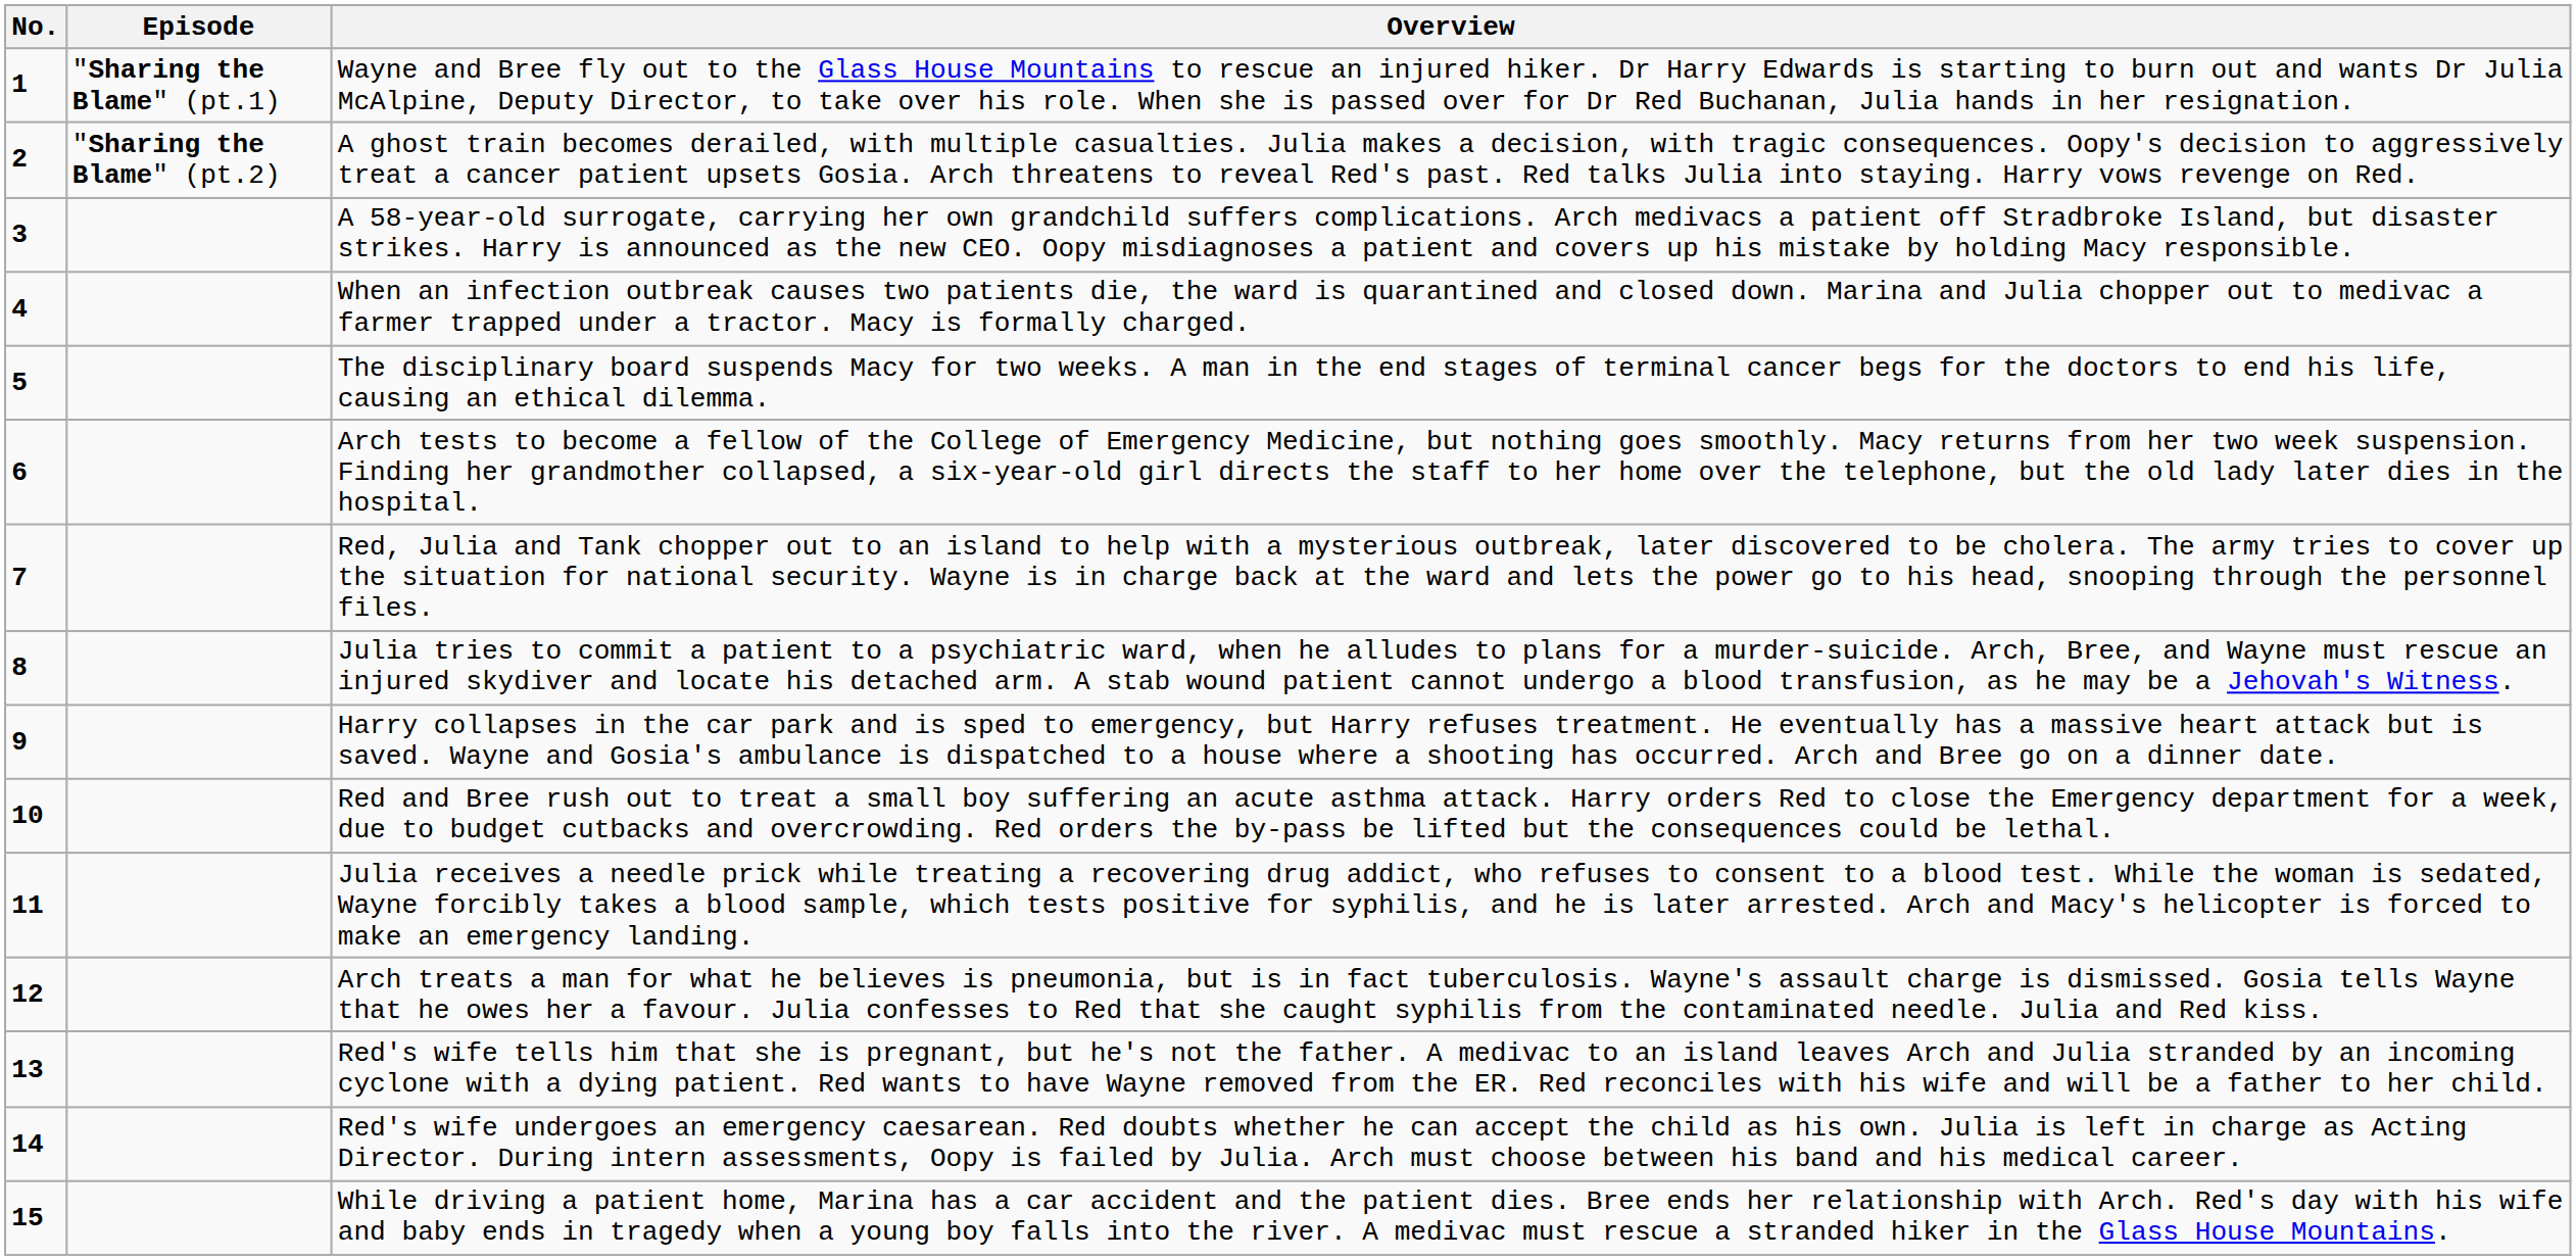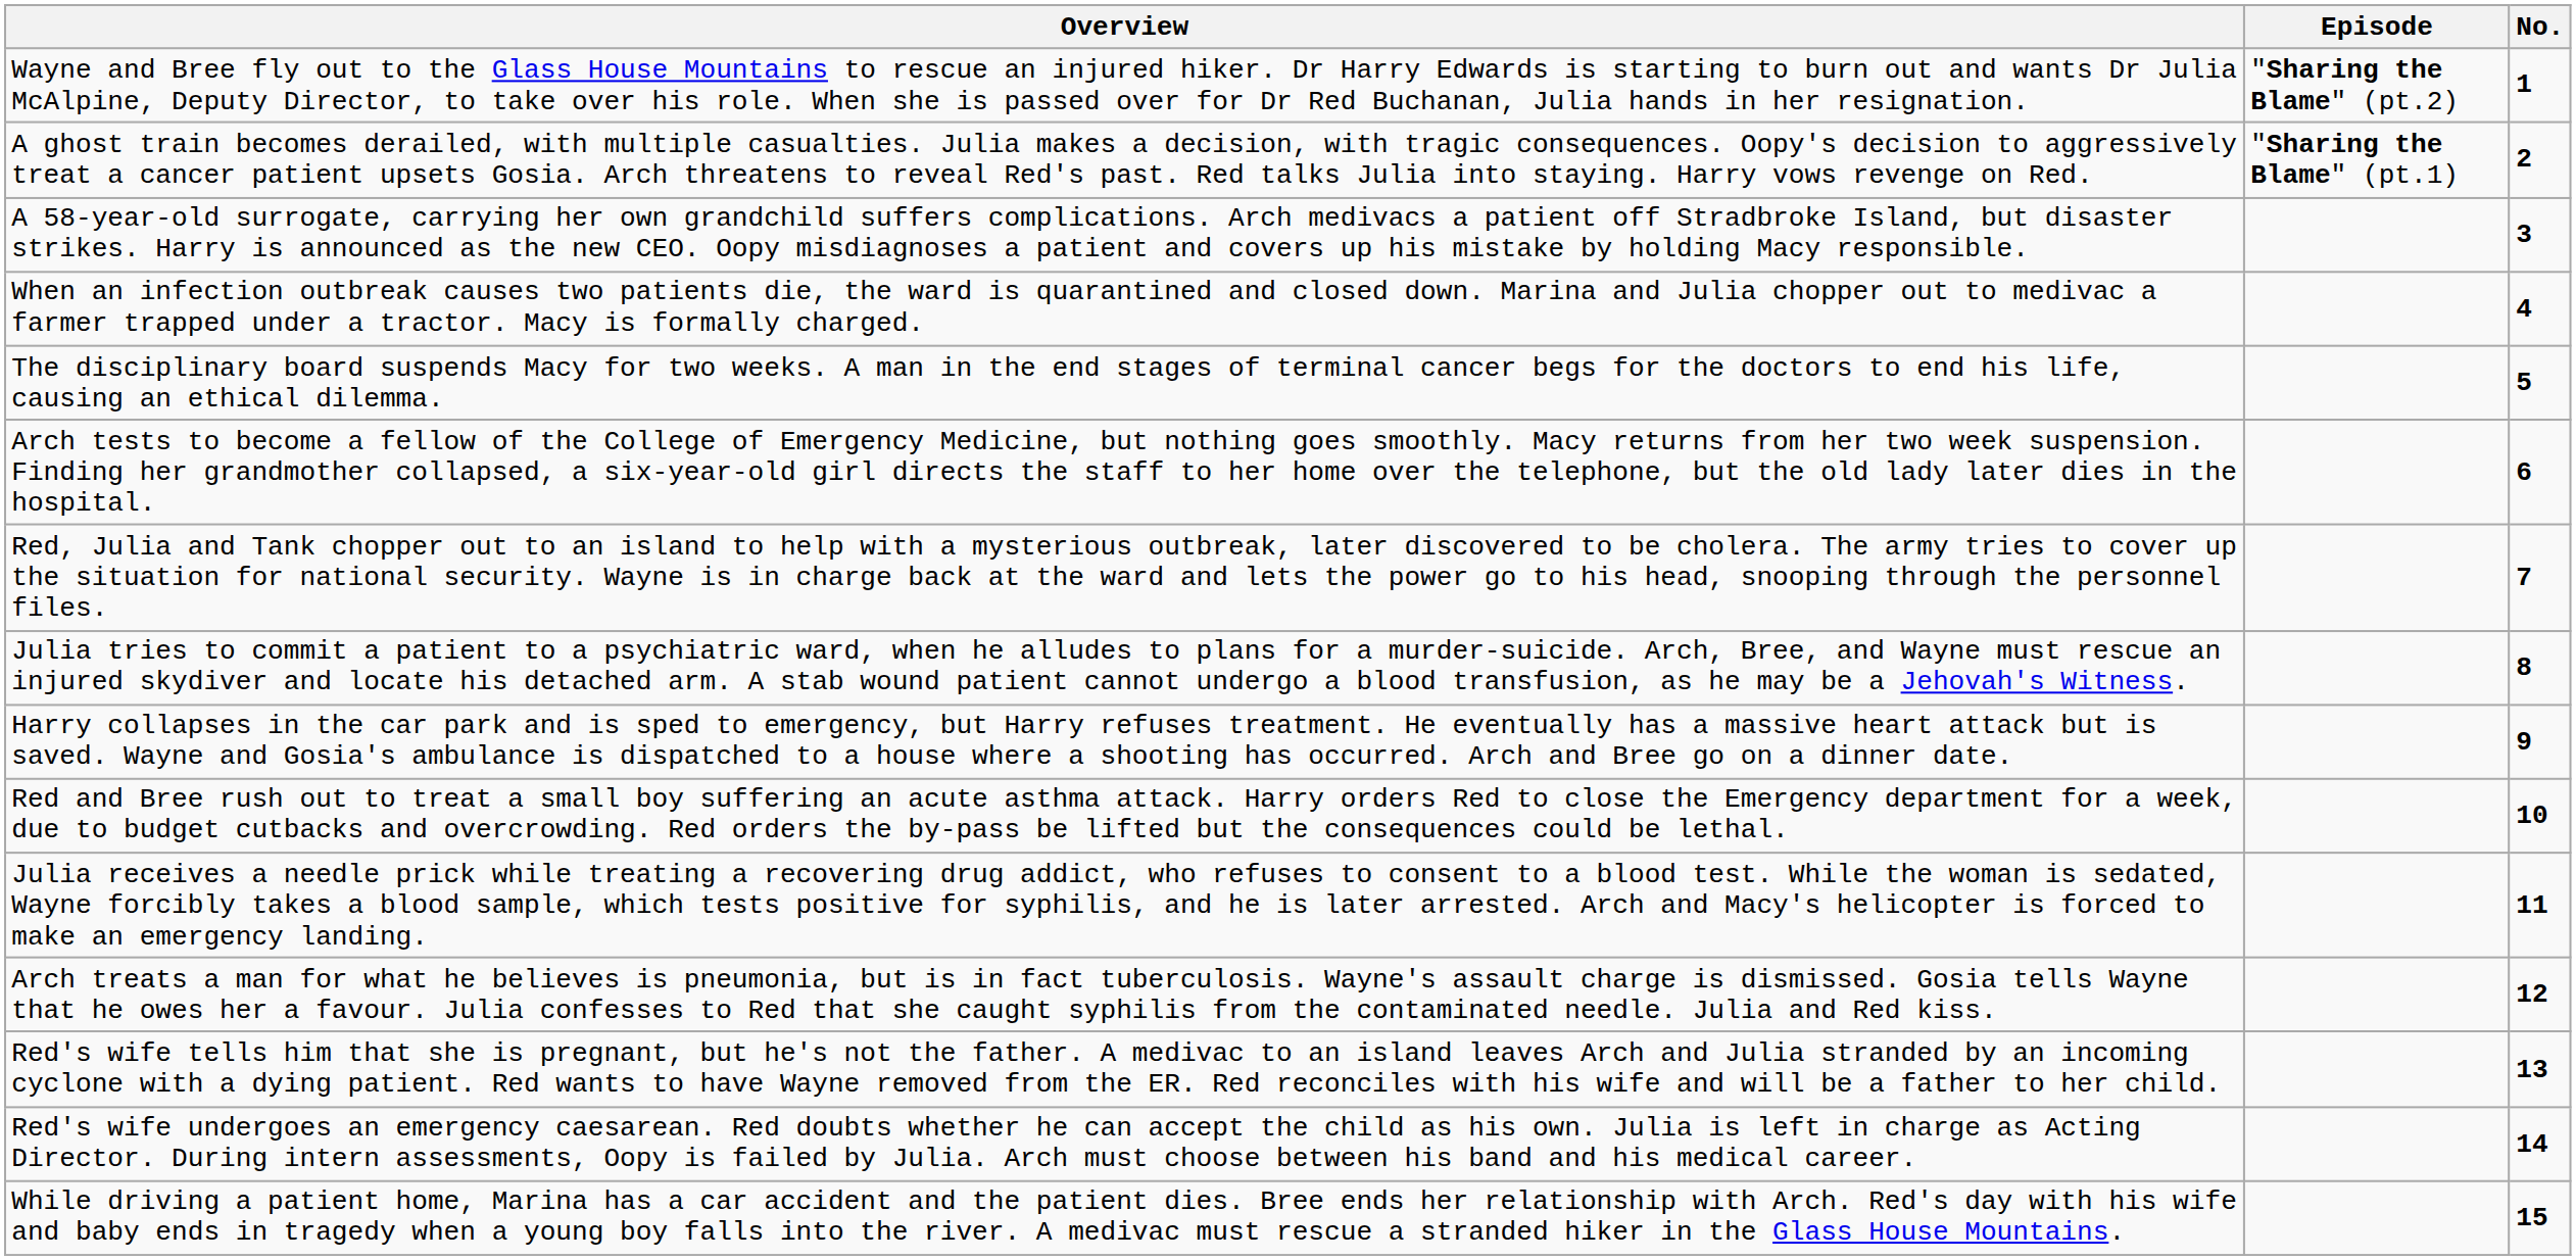 <table class=wikitable>
 <tr>
+<th>Overview</th>
+<th>Episode</th>
 <th>No.</th>
-<th>Episode</th>
-<th>Overview</th>
 </tr>
 <tr>
+<td>Wayne and Bree fly out to the <a href='#'>Glass House Mountains</a> to rescue an injured hiker. Dr Harry Edwards is starting to burn out and wants Dr Julia McAlpine, Deputy Director, to take over his role. When she is passed over for Dr Red Buchanan, Julia hands in her resignation.</td>
+<td>"<strong>Sharing the Blame</strong>" (pt.2)</td>
 <td><strong>1</strong></td>
-<td>"<strong>Sharing the Blame</strong>" (pt.1)</td>
-<td>Wayne and Bree fly out to the <a href='#'>Glass House Mountains</a> to rescue an injured hiker. Dr Harry Edwards is starting to burn out and wants Dr Julia McAlpine, Deputy Director, to take over his role. When she is passed over for Dr Red Buchanan, Julia hands in her resignation.</td>
 </tr>
 <tr>
+<td>A ghost train becomes derailed, with multiple casualties. Julia makes a decision, with tragic consequences. Oopy's decision to aggressively treat a cancer patient upsets Gosia. Arch threatens to reveal Red's past. Red talks Julia into staying. Harry vows revenge on Red.</td>
+<td>"<strong>Sharing the Blame</strong>" (pt.1)</td>
 <td><strong>2</strong></td>
-<td>"<strong>Sharing the Blame</strong>" (pt.2)</td>
-<td>A ghost train becomes derailed, with multiple casualties. Julia makes a decision, with tragic consequences. Oopy's decision to aggressively treat a cancer patient upsets Gosia. Arch threatens to reveal Red's past. Red talks Julia into staying. Harry vows revenge on Red.</td>
 </tr>
 <tr>
+<td>A 58-year-old surrogate, carrying her own grandchild suffers complications. Arch medivacs a patient off Stradbroke Island, but disaster strikes. Harry is announced as the new CEO. Oopy misdiagnoses a patient and covers up his mistake by holding Macy responsible.</td>
+<td></td>
 <td><strong>3</strong></td>
-<td></td>
-<td>A 58-year-old surrogate, carrying her own grandchild suffers complications. Arch medivacs a patient off Stradbroke Island, but disaster strikes. Harry is announced as the new CEO. Oopy misdiagnoses a patient and covers up his mistake by holding Macy responsible.</td>
 </tr>
 <tr>
+<td>When an infection outbreak causes two patients die, the ward is quarantined and closed down. Marina and Julia chopper out to medivac a farmer trapped under a tractor. Macy is formally charged.</td>
+<td></td>
 <td><strong>4</strong></td>
-<td></td>
-<td>When an infection outbreak causes two patients die, the ward is quarantined and closed down. Marina and Julia chopper out to medivac a farmer trapped under a tractor. Macy is formally charged.</td>
 </tr>
 <tr>
+<td>The disciplinary board suspends Macy for two weeks. A man in the end stages of terminal cancer begs for the doctors to end his life, causing an ethical dilemma.</td>
+<td></td>
 <td><strong>5</strong></td>
-<td></td>
-<td>The disciplinary board suspends Macy for two weeks. A man in the end stages of terminal cancer begs for the doctors to end his life, causing an ethical dilemma.</td>
 </tr>
 <tr>
+<td>Arch tests to become a fellow of the College of Emergency Medicine, but nothing goes smoothly. Macy returns from her two week suspension. Finding her grandmother collapsed, a six-year-old girl directs the staff to her home over the telephone, but the old lady later dies in the hospital.</td>
+<td></td>
 <td><strong>6</strong></td>
-<td></td>
-<td>Arch tests to become a fellow of the College of Emergency Medicine, but nothing goes smoothly. Macy returns from her two week suspension. Finding her grandmother collapsed, a six-year-old girl directs the staff to her home over the telephone, but the old lady later dies in the hospital.</td>
 </tr>
 <tr>
+<td>Red, Julia and Tank chopper out to an island to help with a mysterious outbreak, later discovered to be cholera. The army tries to cover up the situation for national security. Wayne is in charge back at the ward and lets the power go to his head, snooping through the personnel files.</td>
+<td></td>
 <td><strong>7</strong></td>
-<td></td>
-<td>Red, Julia and Tank chopper out to an island to help with a mysterious outbreak, later discovered to be cholera. The army tries to cover up the situation for national security. Wayne is in charge back at the ward and lets the power go to his head, snooping through the personnel files.</td>
 </tr>
 <tr>
+<td>Julia tries to commit a patient to a psychiatric ward, when he alludes to plans for a murder-suicide. Arch, Bree, and Wayne must rescue an injured skydiver and locate his detached arm. A stab wound patient cannot undergo a blood transfusion, as he may be a <a href='#'>Jehovah's Witness</a>.</td>
+<td></td>
 <td><strong>8</strong></td>
-<td></td>
-<td>Julia tries to commit a patient to a psychiatric ward, when he alludes to plans for a murder-suicide. Arch, Bree, and Wayne must rescue an injured skydiver and locate his detached arm. A stab wound patient cannot undergo a blood transfusion, as he may be a <a href='#'>Jehovah's Witness</a>.</td>
 </tr>
 <tr>
+<td>Harry collapses in the car park and is sped to emergency, but Harry refuses treatment. He eventually has a massive heart attack but is saved. Wayne and Gosia's ambulance is dispatched to a house where a shooting has occurred. Arch and Bree go on a dinner date.</td>
+<td></td>
 <td><strong>9</strong></td>
-<td></td>
-<td>Harry collapses in the car park and is sped to emergency, but Harry refuses treatment. He eventually has a massive heart attack but is saved. Wayne and Gosia's ambulance is dispatched to a house where a shooting has occurred. Arch and Bree go on a dinner date.</td>
 </tr>
 <tr>
+<td>Red and Bree rush out to treat a small boy suffering an acute asthma attack. Harry orders Red to close the Emergency department for a week, due to budget cutbacks and overcrowding. Red orders the by-pass be lifted but the consequences could be lethal.</td>
+<td></td>
 <td><strong>10</strong></td>
-<td></td>
-<td>Red and Bree rush out to treat a small boy suffering an acute asthma attack. Harry orders Red to close the Emergency department for a week, due to budget cutbacks and overcrowding. Red orders the by-pass be lifted but the consequences could be lethal.</td>
 </tr>
 <tr>
+<td>Julia receives a needle prick while treating a recovering drug addict, who refuses to consent to a blood test. While the woman is sedated, Wayne forcibly takes a blood sample, which tests positive for syphilis, and he is later arrested. Arch and Macy's helicopter is forced to make an emergency landing.</td>
+<td></td>
 <td><strong>11</strong></td>
-<td></td>
-<td>Julia receives a needle prick while treating a recovering drug addict, who refuses to consent to a blood test. While the woman is sedated, Wayne forcibly takes a blood sample, which tests positive for syphilis, and he is later arrested. Arch and Macy's helicopter is forced to make an emergency landing.</td>
 </tr>
 <tr>
+<td>Arch treats a man for what he believes is pneumonia, but is in fact tuberculosis. Wayne's assault charge is dismissed. Gosia tells Wayne that he owes her a favour. Julia confesses to Red that she caught syphilis from the contaminated needle. Julia and Red kiss.</td>
+<td></td>
 <td><strong>12</strong></td>
-<td></td>
-<td>Arch treats a man for what he believes is pneumonia, but is in fact tuberculosis. Wayne's assault charge is dismissed. Gosia tells Wayne that he owes her a favour. Julia confesses to Red that she caught syphilis from the contaminated needle. Julia and Red kiss.</td>
 </tr>
 <tr>
+<td>Red's wife tells him that she is pregnant, but he's not the father. A medivac to an island leaves Arch and Julia stranded by an incoming cyclone with a dying patient. Red wants to have Wayne removed from the ER. Red reconciles with his wife and will be a father to her child.</td>
+<td></td>
 <td><strong>13</strong></td>
-<td></td>
-<td>Red's wife tells him that she is pregnant, but he's not the father. A medivac to an island leaves Arch and Julia stranded by an incoming cyclone with a dying patient. Red wants to have Wayne removed from the ER. Red reconciles with his wife and will be a father to her child.</td>
 </tr>
 <tr>
+<td>Red's wife undergoes an emergency caesarean. Red doubts whether he can accept the child as his own. Julia is left in charge as Acting Director. During intern assessments, Oopy is failed by Julia. Arch must choose between his band and his medical career.</td>
+<td></td>
 <td><strong>14</strong></td>
-<td></td>
-<td>Red's wife undergoes an emergency caesarean. Red doubts whether he can accept the child as his own. Julia is left in charge as Acting Director. During intern assessments, Oopy is failed by Julia. Arch must choose between his band and his medical career.</td>
 </tr>
 <tr>
+<td>While driving a patient home, Marina has a car accident and the patient dies. Bree ends her relationship with Arch. Red's day with his wife and baby ends in tragedy when a young boy falls into the river. A medivac must rescue a stranded hiker in the <a href='#'>Glass House Mountains</a>.</td>
+<td></td>
 <td><strong>15</strong></td>
-<td></td>
-<td>While driving a patient home, Marina has a car accident and the patient dies. Bree ends her relationship with Arch. Red's day with his wife and baby ends in tragedy when a young boy falls into the river. A medivac must rescue a stranded hiker in the <a href='#'>Glass House Mountains</a>.</td>
 </tr>
 </table>
